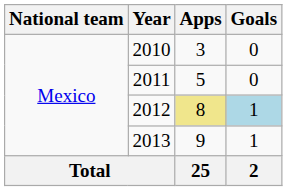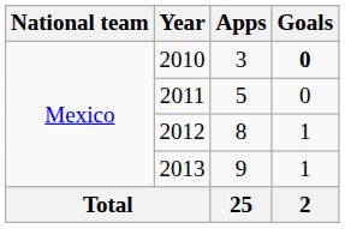 <table class="wikitable" style="text-align: center;">
 <tr>
 <th>National team</th>
 <th>Year</th>
 <th>Apps</th>
 <th>Goals</th>
 </tr>
 <tr>
 <td rowspan="4" valign="center"><a href='#'>Mexico</a></td>
 <td>2010</td>
 <td>3</td>
-<td>0</td>
+<td><strong>0</strong></td>
 </tr>
 <tr>
 <td>2011</td>
 <td>5</td>
 <td>0</td>
 </tr>
 <tr>
 <td>2012</td>
-<td style="background: khaki;">8</td>
-<td style="background: lightblue;">1</td>
+<td>8</td>
+<td>1</td>
 </tr>
 <tr>
 <td>2013</td>
 <td>9</td>
 <td>1</td>
 </tr>
 <tr>
 <th colspan="2">Total</th>
 <th>25</th>
 <th>2</th>
 </tr>
 </table>
